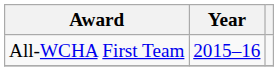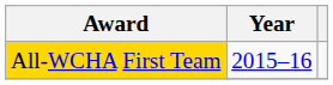 <table class="wikitable">
 <tr>
 <th>Award</th>
 <th>Year</th>
 <th></th>
 </tr>
 <tr>
-<td>All-<a href='#'>WCHA</a> <a href='#'>First Team</a></td>
+<td style="background: gold;">All-<a href='#'>WCHA</a> <a href='#'>First Team</a></td>
 <td><a href='#'>2015–16</a></td>
 <td></td>
 </tr>
 <tr>
 </tr>
 </table>
